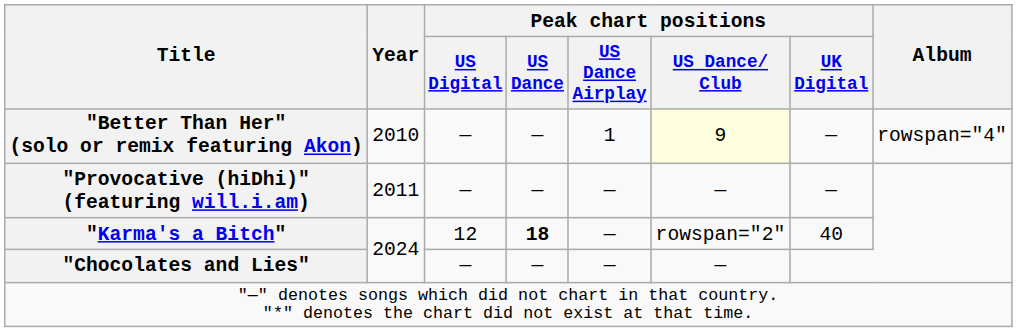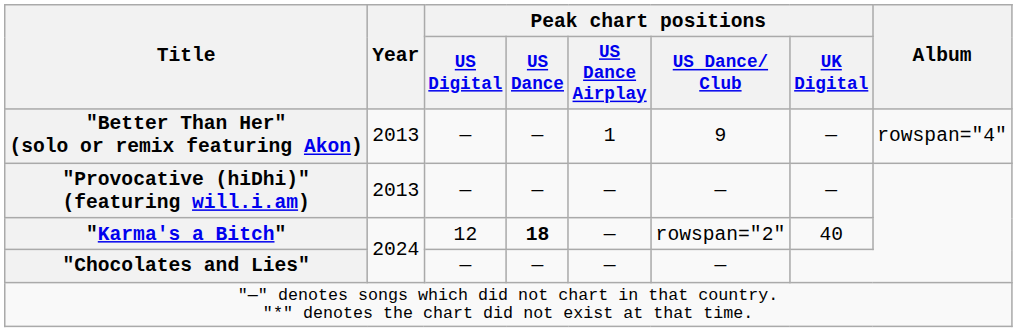 <table class="wikitable plainrowheaders" style="text-align:center;">
 <tr>
 <th scope="col" rowspan="2">Title</th>
 <th scope="col" rowspan="2">Year</th>
 <th scope="col" colspan="5">Peak chart positions</th>
 <th scope="col" rowspan="2">Album</th>
 </tr>
 <tr>
 <th scope="col" style="width:3em;font-size:90%;"><a href='#'>US<br>Digital</a><br></th>
 <th scope="col" style="width:3em;font-size:90%;"><a href='#'>US<br>Dance</a><br></th>
 <th scope="col" style="width:3em;font-size:90%;"><a href='#'>US Dance Airplay</a><br></th>
 <th scope="col" style="width:3em;font-size:90%;"><a href='#'>US Dance/<br>Club</a><br></th>
 <th scope="col" style="width:3em;font-size:90%;"><a href='#'>UK Digital</a><br></th>
 </tr>
 <tr>
 <th scope="row">"Better Than Her"<br><span>(solo or remix featuring <a href='#'>Akon</a>)</span></th>
-<td>2010</td>
+<td>2013</td>
 <td>—</td>
 <td>—</td>
 <td>1</td>
-<td style="background: lightyellow;">9</td>
+<td>9</td>
 <td>—</td>
 <td>rowspan="4" </td>
 </tr>
 <tr>
 <th scope="row">"Provocative (hiDhi)"<br><span>(featuring <a href='#'>will.i.am</a>)</span></th>
-<td>2011</td>
+<td>2013</td>
 <td>—</td>
 <td>—</td>
 <td>—</td>
 <td>—</td>
 <td>—</td>
 </tr>
 <tr>
 <th scope="row">"<a href='#'>Karma's a Bitch</a>"</th>
 <td rowspan="2">2024</td>
 <td>12</td>
 <td><strong>18</strong></td>
 <td>—</td>
 <td>rowspan="2" </td>
 <td>40</td>
 </tr>
 <tr>
 <th scope="row">"Chocolates and Lies"</th>
 <td>—</td>
 <td>—</td>
 <td>—</td>
 <td>—</td>
 </tr>
 <tr>
 <td colspan="8" style="font-size:85%;">"—" denotes songs which did not chart in that country.<br>"*" denotes the chart did not exist at that time.</td>
 </tr>
 </table>
